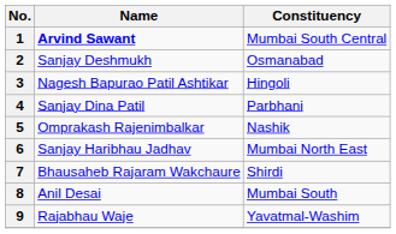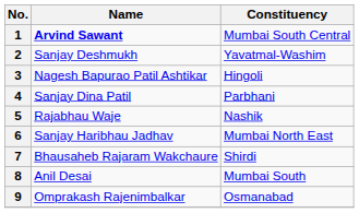 <table class="wikitable sortable">
 <tr>
 <th style="background-color:">No.</th>
 <th style="background-color:">Name</th>
 <th style="background-color:">Constituency</th>
 </tr>
 <tr>
 <th>1</th>
 <td><strong><a href='#'>Arvind Sawant</a></strong></td>
 <td><a href='#'>Mumbai South Central</a></td>
 </tr>
 <tr>
 <th>2</th>
 <td><a href='#'>Sanjay Deshmukh</a></td>
-<td><a href='#'>Osmanabad</a></td>
+<td><a href='#'>Yavatmal-Washim</a></td>
 </tr>
 <tr>
 <th>3</th>
 <td><a href='#'>Nagesh Bapurao Patil Ashtikar</a></td>
 <td><a href='#'>Hingoli</a></td>
 </tr>
 <tr>
 <th>4</th>
 <td><a href='#'>Sanjay Dina Patil</a></td>
 <td><a href='#'>Parbhani</a></td>
 </tr>
 <tr>
 <th>5</th>
-<td><a href='#'>Omprakash Rajenimbalkar</a></td>
+<td><a href='#'>Rajabhau Waje</a></td>
 <td><a href='#'>Nashik</a></td>
 </tr>
 <tr>
 <th>6</th>
 <td><a href='#'>Sanjay Haribhau Jadhav</a></td>
 <td><a href='#'>Mumbai North East</a></td>
 </tr>
 <tr>
 <th>7</th>
 <td><a href='#'>Bhausaheb Rajaram Wakchaure</a></td>
 <td><a href='#'>Shirdi</a></td>
 </tr>
 <tr>
 <th>8</th>
 <td><a href='#'>Anil Desai</a></td>
 <td><a href='#'>Mumbai South</a></td>
 </tr>
 <tr>
 <th>9</th>
-<td><a href='#'>Rajabhau Waje</a></td>
-<td><a href='#'>Yavatmal-Washim</a></td>
+<td><a href='#'>Omprakash Rajenimbalkar</a></td>
+<td><a href='#'>Osmanabad</a></td>
 </tr>
 <tr>
 </tr>
 </table>
